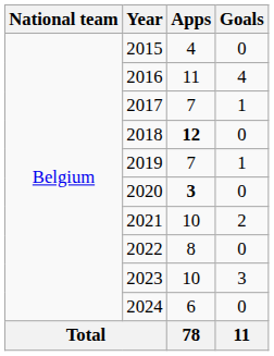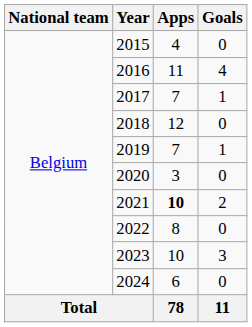 <table class="wikitable" style="text-align:center">
 <tr>
 <th>National team</th>
 <th>Year</th>
 <th>Apps</th>
 <th>Goals</th>
 </tr>
 <tr>
 <td rowspan="10"><a href='#'>Belgium</a></td>
 <td>2015</td>
 <td>4</td>
 <td>0</td>
 </tr>
 <tr>
 <td>2016</td>
 <td>11</td>
 <td>4</td>
 </tr>
 <tr>
 <td>2017</td>
 <td>7</td>
 <td>1</td>
 </tr>
 <tr>
 <td>2018</td>
-<td><strong>12</strong></td>
+<td>12</td>
 <td>0</td>
 </tr>
 <tr>
 <td>2019</td>
 <td>7</td>
 <td>1</td>
 </tr>
 <tr>
 <td>2020</td>
-<td><strong>3</strong></td>
+<td>3</td>
 <td>0</td>
 </tr>
 <tr>
 <td>2021</td>
-<td>10</td>
+<td><strong>10</strong></td>
 <td>2</td>
 </tr>
 <tr>
 <td>2022</td>
 <td>8</td>
 <td>0</td>
 </tr>
 <tr>
 <td>2023</td>
 <td>10</td>
 <td>3</td>
 </tr>
 <tr>
 <td>2024</td>
 <td>6</td>
 <td>0</td>
 </tr>
 <tr>
 <th colspan="2">Total</th>
 <th>78</th>
 <th>11</th>
 </tr>
 </table>
